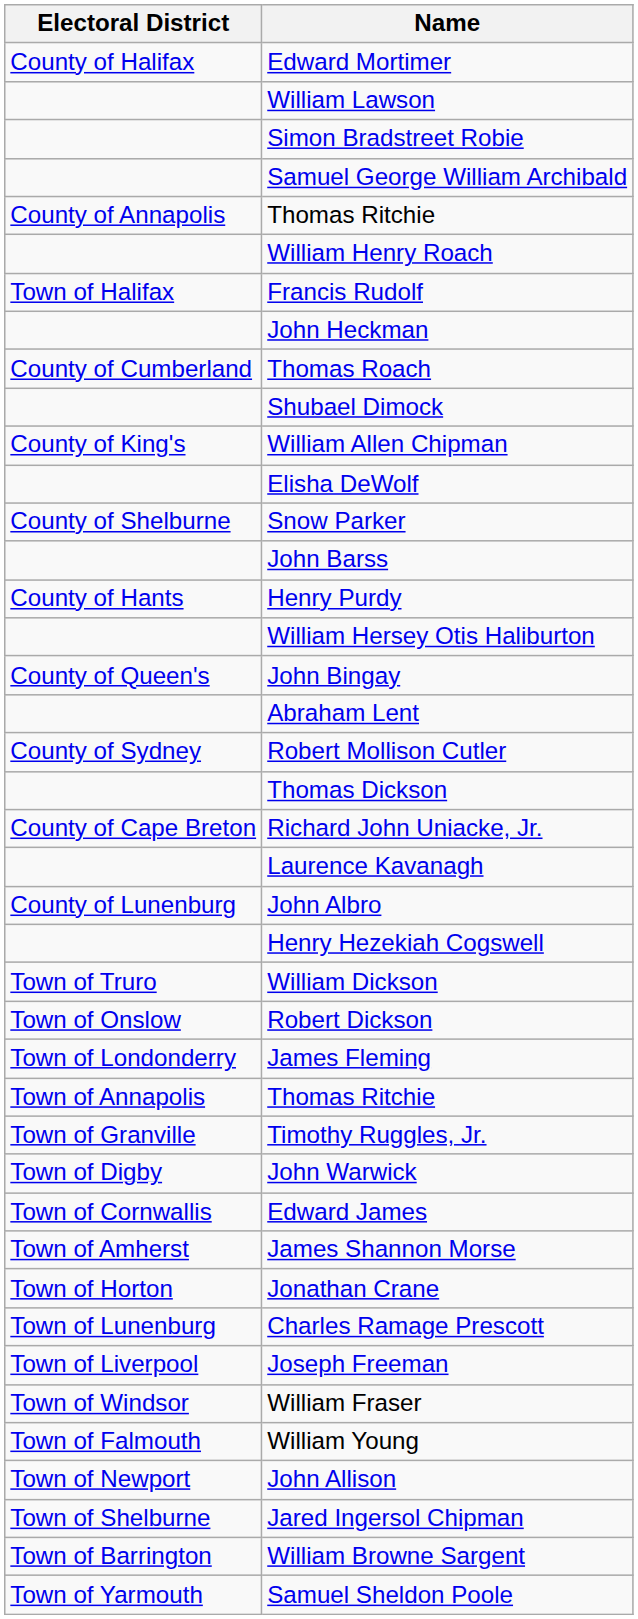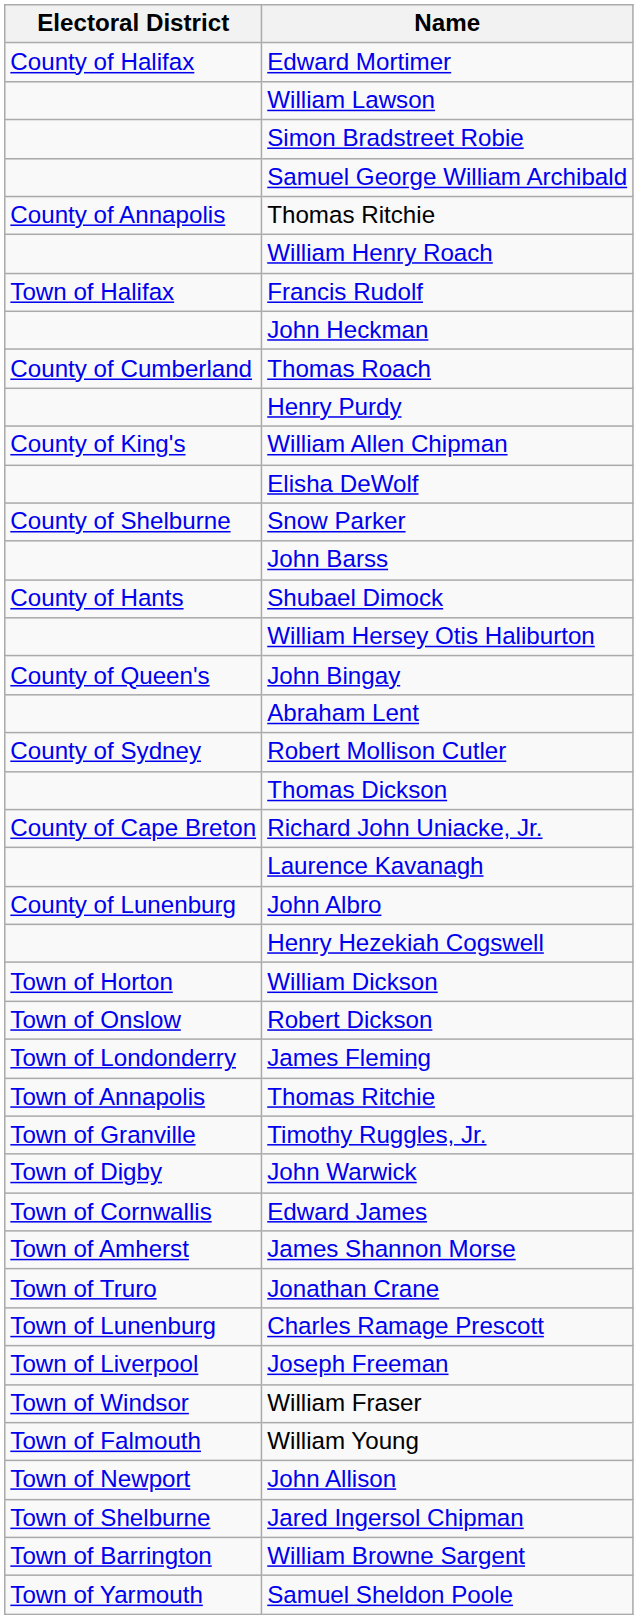 <table class="wikitable">
 <tr>
 <th>Electoral District</th>
 <th>Name</th>
 </tr>
 <tr>
 <td><a href='#'>County of Halifax</a></td>
 <td><a href='#'>Edward Mortimer</a></td>
 </tr>
 <tr>
 <td></td>
 <td><a href='#'>William Lawson</a></td>
 </tr>
 <tr>
 <td></td>
 <td><a href='#'>Simon Bradstreet Robie</a></td>
 </tr>
 <tr>
 <td></td>
 <td><a href='#'>Samuel George William Archibald</a></td>
 </tr>
 <tr>
 <td><a href='#'>County of Annapolis</a></td>
 <td>Thomas Ritchie</td>
 </tr>
 <tr>
 <td></td>
 <td><a href='#'>William Henry Roach</a></td>
 </tr>
 <tr>
 <td><a href='#'>Town of Halifax</a></td>
 <td><a href='#'>Francis Rudolf</a></td>
 </tr>
 <tr>
 <td></td>
 <td><a href='#'>John Heckman</a></td>
 </tr>
 <tr>
 <td><a href='#'>County of Cumberland</a></td>
 <td><a href='#'>Thomas Roach</a></td>
 </tr>
 <tr>
 <td></td>
-<td><a href='#'>Shubael Dimock</a></td>
+<td><a href='#'>Henry Purdy</a></td>
 </tr>
 <tr>
 <td><a href='#'>County of King's</a></td>
 <td><a href='#'>William Allen Chipman</a></td>
 </tr>
 <tr>
 <td></td>
 <td><a href='#'>Elisha DeWolf</a></td>
 </tr>
 <tr>
 <td><a href='#'>County of Shelburne</a></td>
 <td><a href='#'>Snow Parker</a></td>
 </tr>
 <tr>
 <td></td>
 <td><a href='#'>John Barss</a></td>
 </tr>
 <tr>
 <td><a href='#'>County of Hants</a></td>
-<td><a href='#'>Henry Purdy</a></td>
+<td><a href='#'>Shubael Dimock</a></td>
 </tr>
 <tr>
 <td></td>
 <td><a href='#'>William Hersey Otis Haliburton</a></td>
 </tr>
 <tr>
 <td><a href='#'>County of Queen's</a></td>
 <td><a href='#'>John Bingay</a></td>
 </tr>
 <tr>
 <td></td>
 <td><a href='#'>Abraham Lent</a></td>
 </tr>
 <tr>
 <td><a href='#'>County of Sydney</a></td>
 <td><a href='#'>Robert Mollison Cutler</a></td>
 </tr>
 <tr>
 <td></td>
 <td><a href='#'>Thomas Dickson</a></td>
 </tr>
 <tr>
 <td><a href='#'>County of Cape Breton</a></td>
 <td><a href='#'>Richard John Uniacke, Jr.</a></td>
 </tr>
 <tr>
 <td></td>
 <td><a href='#'>Laurence Kavanagh</a></td>
 </tr>
 <tr>
 <td><a href='#'>County of Lunenburg</a></td>
 <td><a href='#'>John Albro</a></td>
 </tr>
 <tr>
 <td></td>
 <td><a href='#'>Henry Hezekiah Cogswell</a></td>
 </tr>
 <tr>
-<td><a href='#'>Town of Truro</a></td>
+<td><a href='#'>Town of Horton</a></td>
 <td><a href='#'>William Dickson</a></td>
 </tr>
 <tr>
 <td><a href='#'>Town of Onslow</a></td>
 <td><a href='#'>Robert Dickson</a></td>
 </tr>
 <tr>
 <td><a href='#'>Town of Londonderry</a></td>
 <td><a href='#'>James Fleming</a></td>
 </tr>
 <tr>
 <td><a href='#'>Town of Annapolis</a></td>
 <td><a href='#'>Thomas Ritchie</a></td>
 </tr>
 <tr>
 <td><a href='#'>Town of Granville</a></td>
 <td><a href='#'>Timothy Ruggles, Jr.</a></td>
 </tr>
 <tr>
 <td><a href='#'>Town of Digby</a></td>
 <td><a href='#'>John Warwick</a></td>
 </tr>
 <tr>
 <td><a href='#'>Town of Cornwallis</a></td>
 <td><a href='#'>Edward James</a></td>
 </tr>
 <tr>
 <td><a href='#'>Town of Amherst</a></td>
 <td><a href='#'>James Shannon Morse</a></td>
 </tr>
 <tr>
-<td><a href='#'>Town of Horton</a></td>
+<td><a href='#'>Town of Truro</a></td>
 <td><a href='#'>Jonathan Crane</a></td>
 </tr>
 <tr>
 <td><a href='#'>Town of Lunenburg</a></td>
 <td><a href='#'>Charles Ramage Prescott</a></td>
 </tr>
 <tr>
 <td><a href='#'>Town of Liverpool</a></td>
 <td><a href='#'>Joseph Freeman</a></td>
 </tr>
 <tr>
 <td><a href='#'>Town of Windsor</a></td>
 <td>William Fraser</td>
 </tr>
 <tr>
 <td><a href='#'>Town of Falmouth</a></td>
 <td>William Young</td>
 </tr>
 <tr>
 <td><a href='#'>Town of Newport</a></td>
 <td><a href='#'>John Allison</a></td>
 </tr>
 <tr>
 <td><a href='#'>Town of Shelburne</a></td>
 <td><a href='#'>Jared Ingersol Chipman</a></td>
 </tr>
 <tr>
 <td><a href='#'>Town of Barrington</a></td>
 <td><a href='#'>William Browne Sargent</a></td>
 </tr>
 <tr>
 <td><a href='#'>Town of Yarmouth</a></td>
 <td><a href='#'>Samuel Sheldon Poole</a></td>
 </tr>
 </table>
